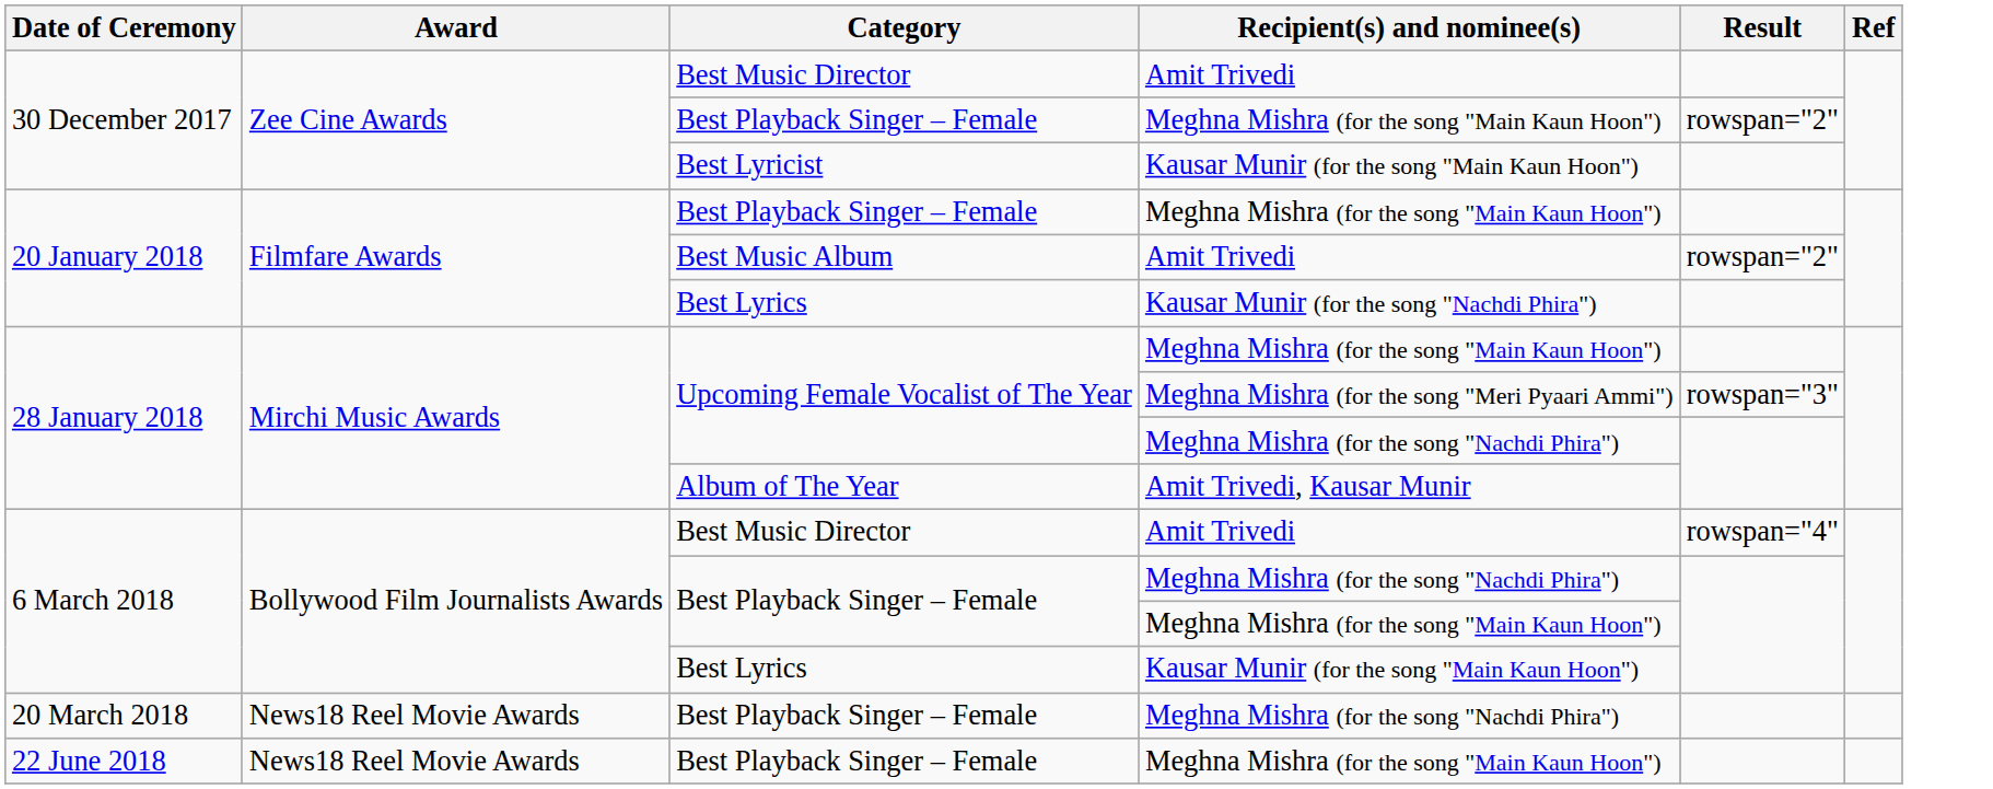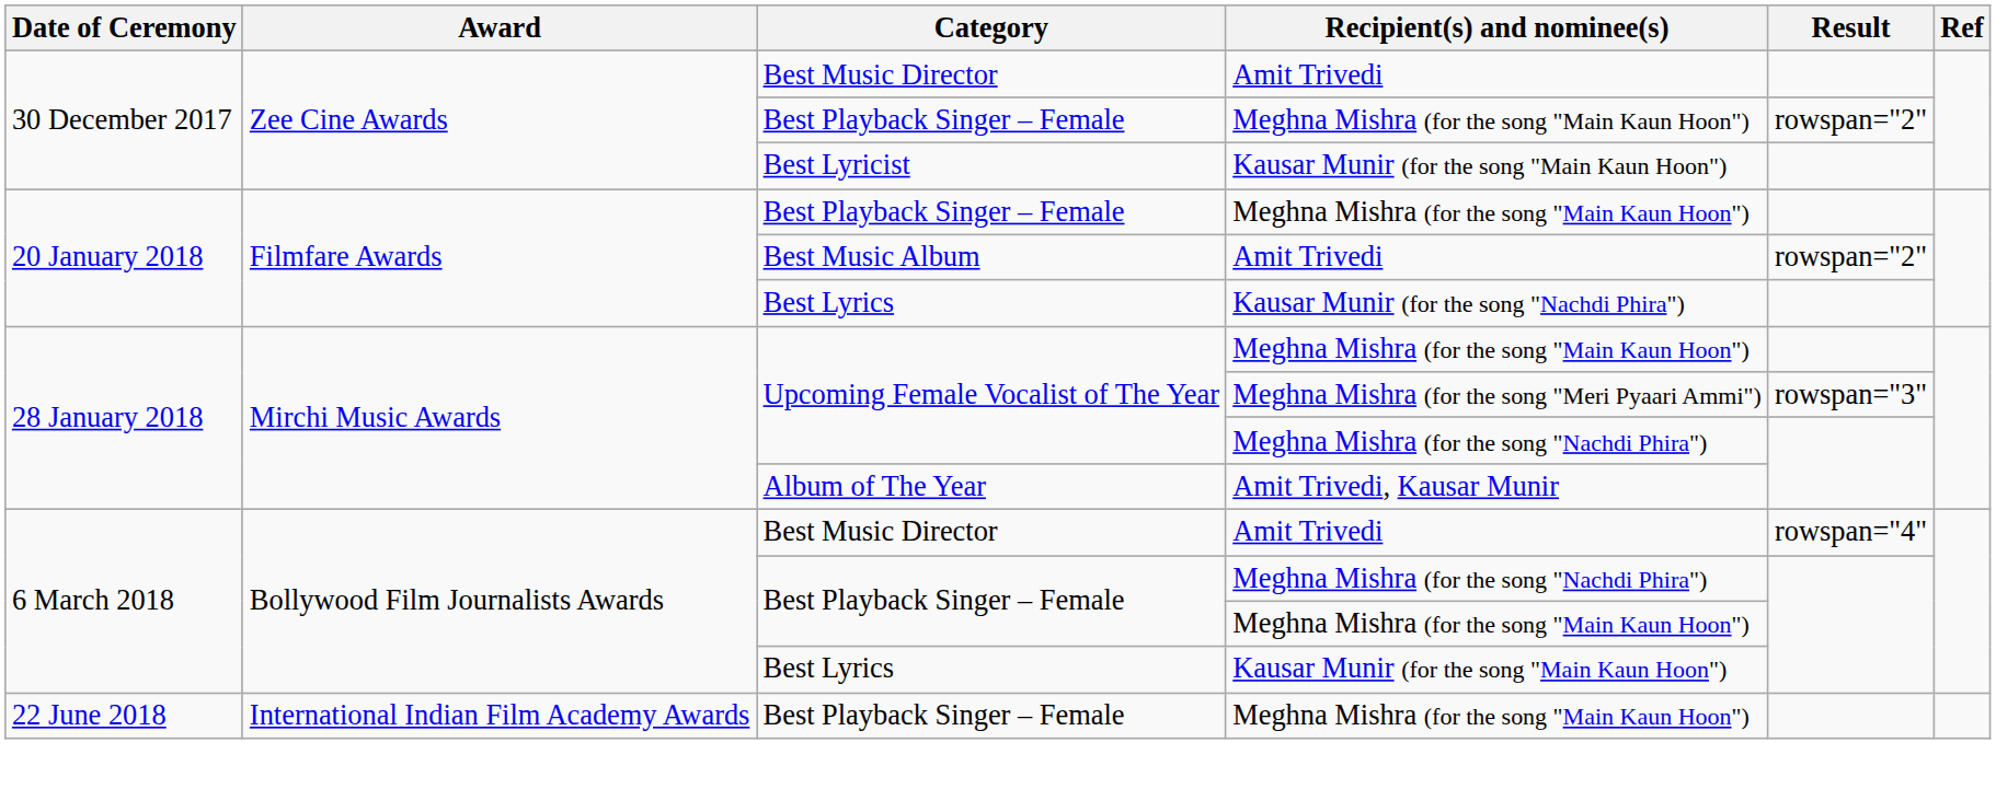 <table class="wikitable sortable">
 <tr>
 <th>Date of Ceremony</th>
 <th>Award</th>
 <th>Category</th>
 <th>Recipient(s) and nominee(s)</th>
 <th>Result</th>
 <th>Ref</th>
 </tr>
 <tr>
 <td rowspan="3">30 December 2017</td>
 <td rowspan="3"><a href='#'>Zee Cine Awards</a></td>
 <td><a href='#'>Best Music Director</a></td>
 <td><a href='#'>Amit Trivedi</a></td>
 <td></td>
 <td rowspan="3"></td>
 </tr>
 <tr>
 <td><a href='#'>Best Playback Singer – Female</a></td>
 <td><a href='#'>Meghna Mishra</a> <small>(for the song "Main Kaun Hoon")</small></td>
 <td>rowspan="2" </td>
 </tr>
 <tr>
 <td><a href='#'>Best Lyricist</a></td>
 <td><a href='#'>Kausar Munir</a> <small>(for the song "Main Kaun Hoon")</small></td>
 </tr>
 <tr>
 <td rowspan="3"><a href='#'>20 January 2018</a></td>
 <td rowspan="3"><a href='#'>Filmfare Awards</a></td>
 <td><a href='#'>Best Playback Singer – Female</a></td>
 <td>Meghna Mishra <small>(for the song "<a href='#'>Main Kaun Hoon</a>")</small></td>
 <td></td>
 <td rowspan="3"><br></td>
 </tr>
 <tr>
 <td><a href='#'>Best Music Album</a></td>
 <td><a href='#'>Amit Trivedi</a></td>
 <td>rowspan="2" </td>
 </tr>
 <tr>
 <td><a href='#'>Best Lyrics</a></td>
 <td><a href='#'>Kausar Munir</a> <small>(for the song "<a href='#'>Nachdi Phira</a>")</small></td>
 </tr>
 <tr>
 <td rowspan="4"><a href='#'>28 January 2018</a></td>
 <td rowspan="4"><a href='#'>Mirchi Music Awards</a></td>
 <td rowspan="3"><a href='#'>Upcoming Female Vocalist of The Year</a></td>
 <td><a href='#'>Meghna Mishra</a> <small>(for the song "<a href='#'>Main Kaun Hoon</a>")</small></td>
 <td></td>
 <td rowspan="4"><br><br></td>
 </tr>
 <tr>
 <td><a href='#'>Meghna Mishra</a> <small>(for the song "Meri Pyaari Ammi")</small></td>
 <td>rowspan="3" </td>
 </tr>
 <tr>
 <td><a href='#'>Meghna Mishra</a> <small>(for the song "<a href='#'>Nachdi Phira</a>")</small></td>
 </tr>
 <tr>
 <td><a href='#'>Album of The Year</a></td>
 <td><a href='#'>Amit Trivedi</a>, <a href='#'>Kausar Munir</a></td>
 </tr>
 <tr>
 <td rowspan="4">6 March 2018</td>
 <td rowspan="4">Bollywood Film Journalists Awards</td>
 <td>Best Music Director</td>
 <td><a href='#'>Amit Trivedi</a></td>
 <td>rowspan="4" </td>
 <td rowspan="4"></td>
 </tr>
 <tr>
 <td rowspan="2">Best Playback Singer – Female</td>
 <td><a href='#'>Meghna Mishra</a> <small>(for the song "<a href='#'>Nachdi Phira</a>")</small></td>
 </tr>
 <tr>
 <td>Meghna Mishra <small>(for the song "<a href='#'>Main Kaun Hoon</a>")</small></td>
 </tr>
 <tr>
 <td>Best Lyrics</td>
 <td><a href='#'>Kausar Munir</a> <small>(for the song "<a href='#'>Main Kaun Hoon</a>")</small></td>
 </tr>
 <tr>
-<td>20 March 2018</td>
-<td>News18 Reel Movie Awards</td>
-<td>Best Playback Singer – Female</td>
-<td><a href='#'>Meghna Mishra</a> <small>(for the song "Nachdi Phira")</small></td>
-<td></td>
-<td></td>
-</tr>
-<tr>
 <td><a href='#'>22 June 2018</a></td>
-<td>News18 Reel Movie Awards</td>
+<td><a href='#'>International Indian Film Academy Awards</a></td>
 <td>Best Playback Singer – Female</td>
 <td>Meghna Mishra <small>(for the song "<a href='#'>Main Kaun Hoon</a>")</small></td>
 <td></td>
 <td><br></td>
 </tr>
 </table>
